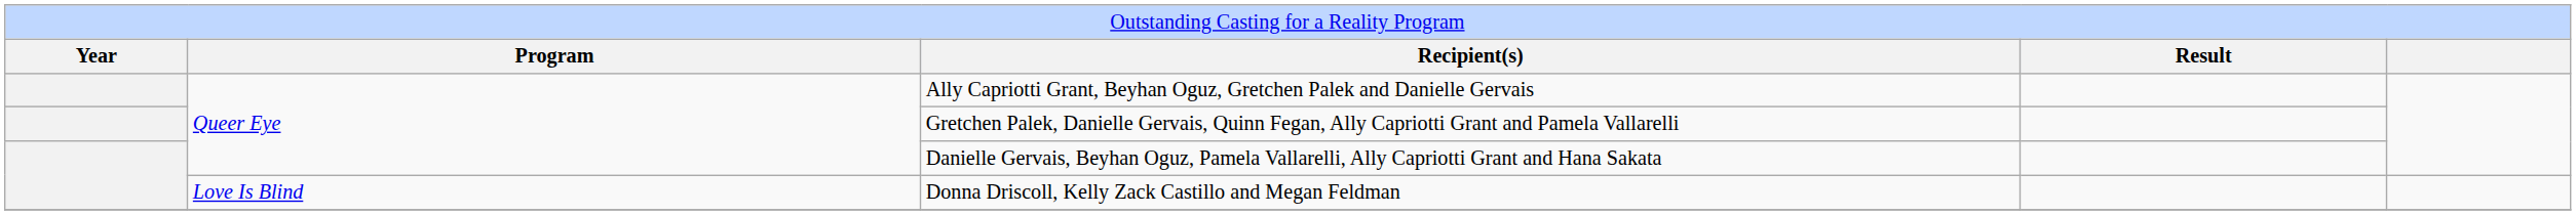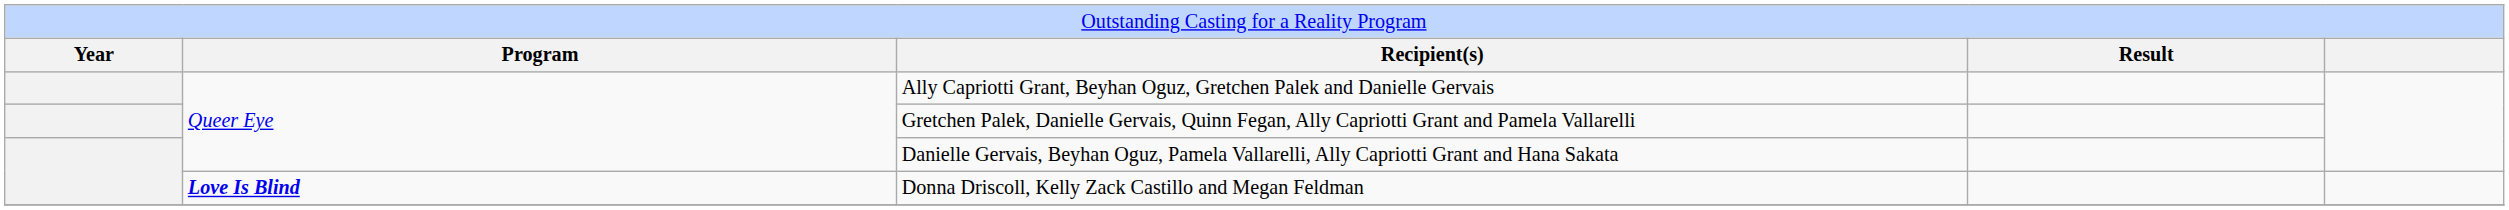 <table class="wikitable plainrowheaders" style="font-size: 90%" width=90%>
 <tr ---- bgcolor="#bfd7ff">
 <td colspan=6 align=center><a href='#'>Outstanding Casting for a Reality Program</a></td>
 </tr>
 <tr ---- bgcolor="#ebf5ff">
 <th width="5%">Year</th>
 <th width="20%">Program</th>
 <th width="30%">Recipient(s)</th>
 <th width="10%">Result</th>
 <th width="5%"></th>
 </tr>
 <tr>
 <th scope=row></th>
 <td rowspan="3"><em><a href='#'>Queer Eye</a></em></td>
 <td>Ally Capriotti Grant, Beyhan Oguz, Gretchen Palek and Danielle Gervais</td>
 <td></td>
 <td rowspan="3"></td>
 </tr>
 <tr>
 <th scope=row></th>
 <td>Gretchen Palek, Danielle Gervais, Quinn Fegan, Ally Capriotti Grant and Pamela Vallarelli</td>
 <td></td>
 </tr>
 <tr>
 <th rowspan="2" scope=row></th>
 <td>Danielle Gervais, Beyhan Oguz, Pamela Vallarelli, Ally Capriotti Grant and Hana Sakata</td>
 <td></td>
 </tr>
 <tr>
-<td><em><a href='#'>Love Is Blind</a></em></td>
+<td><strong><em><a href='#'>Love Is Blind</a></em></strong></td>
 <td>Donna Driscoll, Kelly Zack Castillo and Megan Feldman</td>
 <td></td>
 <td></td>
 </tr>
 <tr>
 </tr>
 </table>
